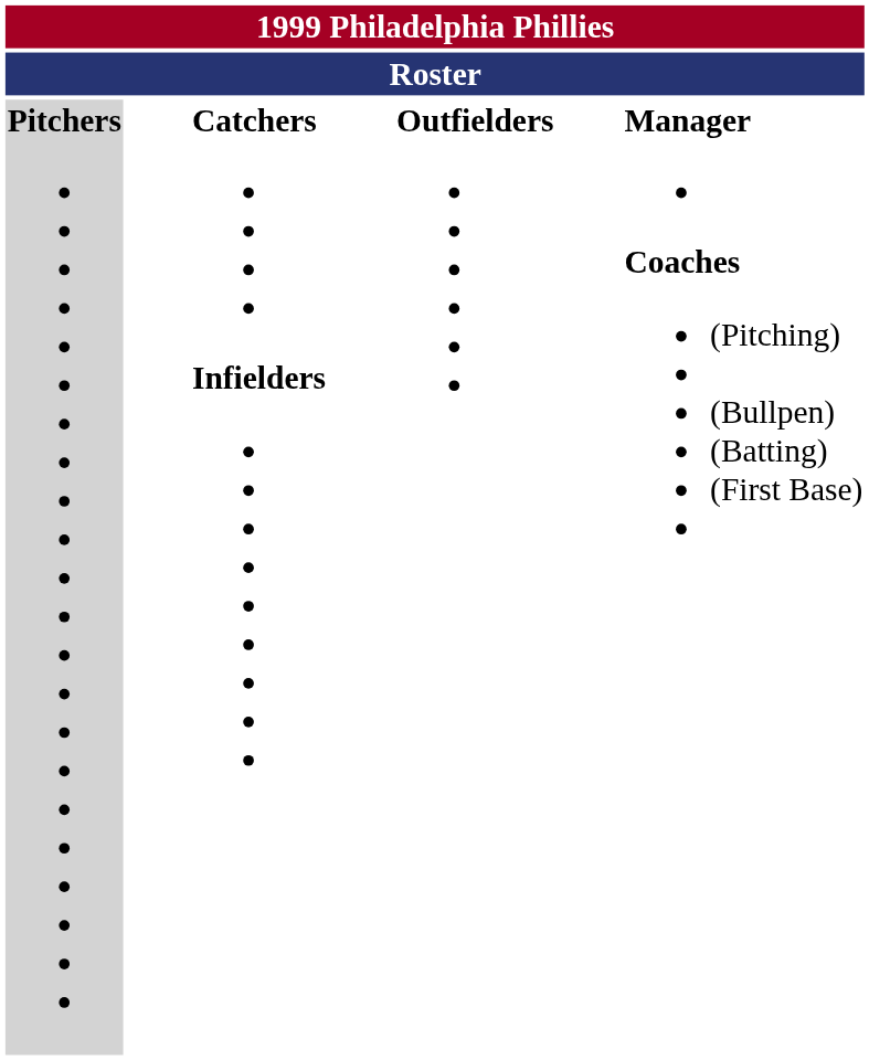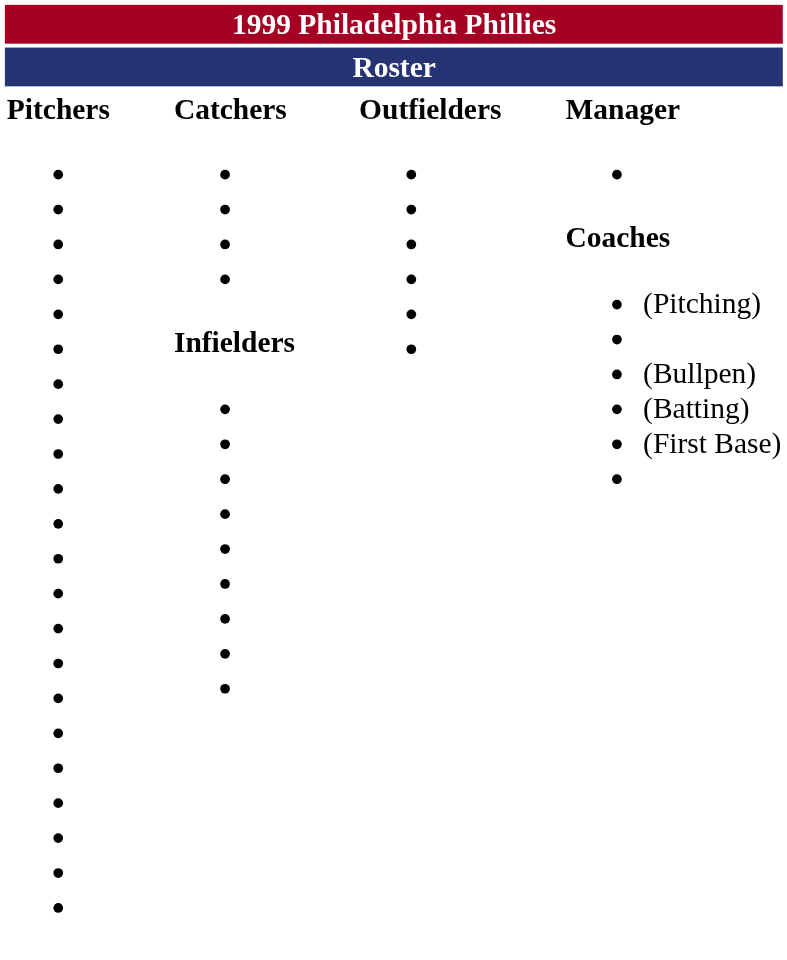 <table class="toccolours" style="font-size: 95%;">
 <tr>
 <th colspan="10" style="background-color: #A50024; color: #FFFFFF; text-align: center;">1999 Philadelphia Phillies</th>
 </tr>
 <tr>
 <td colspan="10" style="background-color: #263473; color: white; text-align: center;"><strong>Roster</strong></td>
 </tr>
 <tr>
-<td valign="top" style="background: lightgrey;"><strong>Pitchers</strong><br><ul><li></li><li></li><li></li><li></li><li></li><li></li><li></li><li></li><li></li><li></li><li></li><li></li><li></li><li></li><li></li><li></li><li></li><li></li><li></li><li></li><li></li><li></li></ul></td>
+<td valign="top"><strong>Pitchers</strong><br><ul><li></li><li></li><li></li><li></li><li></li><li></li><li></li><li></li><li></li><li></li><li></li><li></li><li></li><li></li><li></li><li></li><li></li><li></li><li></li><li></li><li></li><li></li></ul></td>
 <td width="25px"></td>
 <td valign="top"><strong>Catchers</strong><br><ul><li></li><li></li><li></li><li></li></ul><strong>Infielders</strong><ul><li></li><li></li><li></li><li></li><li></li><li></li><li></li><li></li><li></li></ul></td>
 <td width="25px"></td>
 <td valign="top"><strong>Outfielders</strong><br><ul><li></li><li></li><li></li><li></li><li></li><li></li></ul></td>
 <td width="25px"></td>
 <td valign="top"><strong>Manager</strong><br><ul><li></li></ul><strong>Coaches</strong><ul><li>  (Pitching)</li><li></li><li>  (Bullpen)</li><li>  (Batting)</li><li>  (First Base)</li><li></li></ul></td>
 </tr>
 <tr>
 </tr>
 </table>
